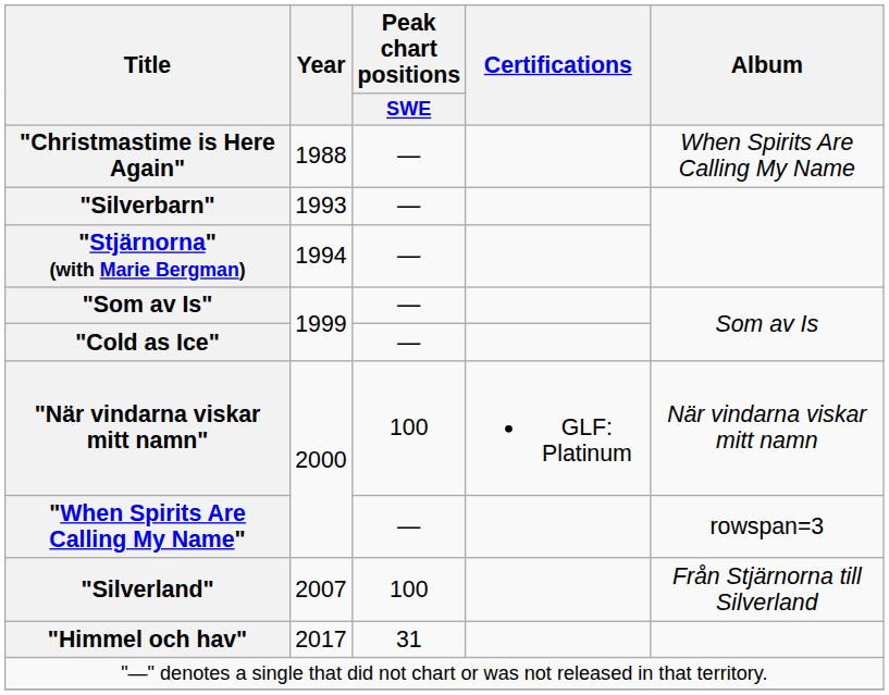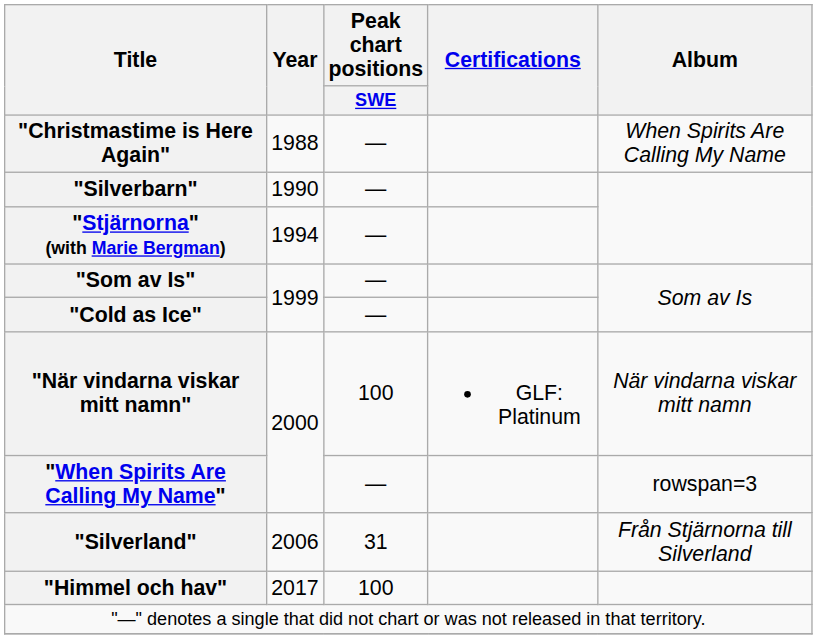 <table class="wikitable plainrowheaders" style="text-align:center;">
 <tr>
 <th scope="col" rowspan="2">Title</th>
 <th scope="col" rowspan="2">Year</th>
 <th scope="col" colspan="1">Peak chart positions</th>
 <th scope="col" rowspan="2"><a href='#'>Certifications</a></th>
 <th scope="col" rowspan="2">Album</th>
 </tr>
 <tr>
 <th scope="col" style="width:3em;font-size:85%;"><a href='#'>SWE</a></th>
 </tr>
 <tr>
 <th scope="row">"Christmastime is Here Again"</th>
 <td>1988</td>
 <td>—</td>
 <td></td>
 <td><em>When Spirits Are Calling My Name</em></td>
 </tr>
 <tr>
 <th scope="row">"Silverbarn"</th>
-<td>1993</td>
+<td>1990</td>
 <td>—</td>
 <td></td>
 </tr>
 <tr>
 <th scope="row">"<a href='#'>Stjärnorna</a>"<br><small>(with <a href='#'>Marie Bergman</a>)</small></th>
 <td>1994</td>
 <td>—</td>
 <td></td>
 </tr>
 <tr>
 <th scope="row">"Som av Is"</th>
 <td rowspan=2>1999</td>
 <td>—</td>
 <td></td>
 <td rowspan=2><em>Som av Is</em></td>
 </tr>
 <tr>
 <th scope="row">"Cold as Ice"</th>
 <td>—</td>
 <td></td>
 </tr>
 <tr>
 <th scope="row">"När vindarna viskar mitt namn"</th>
 <td rowspan=2>2000</td>
 <td>100<br></td>
 <td><br><ul><li>GLF: Platinum</li></ul></td>
 <td><em>När vindarna viskar mitt namn</em></td>
 </tr>
 <tr>
 <th scope="row">"<a href='#'>When Spirits Are Calling My Name</a>"</th>
 <td>—</td>
 <td></td>
 <td>rowspan=3 </td>
 </tr>
 <tr>
 <th scope="row">"Silverland"</th>
-<td>2007</td>
-<td>100<br></td>
+<td>2006</td>
+<td>31</td>
 <td></td>
 <td><em>Från Stjärnorna till Silverland</em></td>
 </tr>
 <tr>
 <th scope="row">"Himmel och hav"</th>
 <td>2017</td>
-<td>31</td>
+<td>100<br></td>
 <td></td>
 <td></td>
 </tr>
 <tr>
 <td colspan="10" style="font-size:85%">"—" denotes a single that did not chart or was not released in that territory.</td>
 </tr>
 <tr>
 </tr>
 </table>
